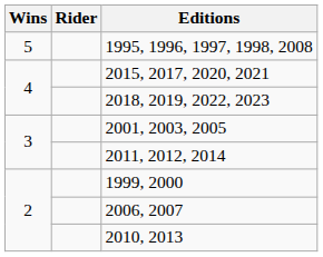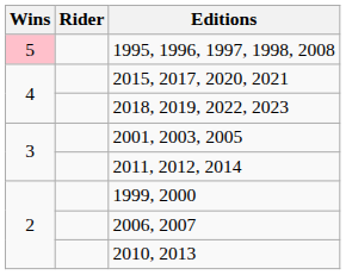 <table class="wikitable">
 <tr>
 <th>Wins</th>
 <th>Rider</th>
 <th>Editions</th>
 </tr>
 <tr>
-<td align=center>5</td>
+<td align=center style="background: pink;">5</td>
 <td></td>
 <td>1995, 1996, 1997, 1998, 2008</td>
 </tr>
 <tr>
 <td align=center rowspan=2>4</td>
 <td></td>
 <td>2015, 2017, 2020, 2021</td>
 </tr>
 <tr>
 <td></td>
 <td>2018, 2019, 2022, 2023</td>
 </tr>
 <tr>
 <td align=center rowspan=2>3</td>
 <td></td>
 <td>2001, 2003, 2005</td>
 </tr>
 <tr>
 <td></td>
 <td>2011, 2012, 2014</td>
 </tr>
 <tr>
 <td align=center rowspan=3>2</td>
 <td></td>
 <td>1999, 2000</td>
 </tr>
 <tr>
 <td></td>
 <td>2006, 2007</td>
 </tr>
 <tr>
 <td></td>
 <td>2010, 2013</td>
 </tr>
 </table>
